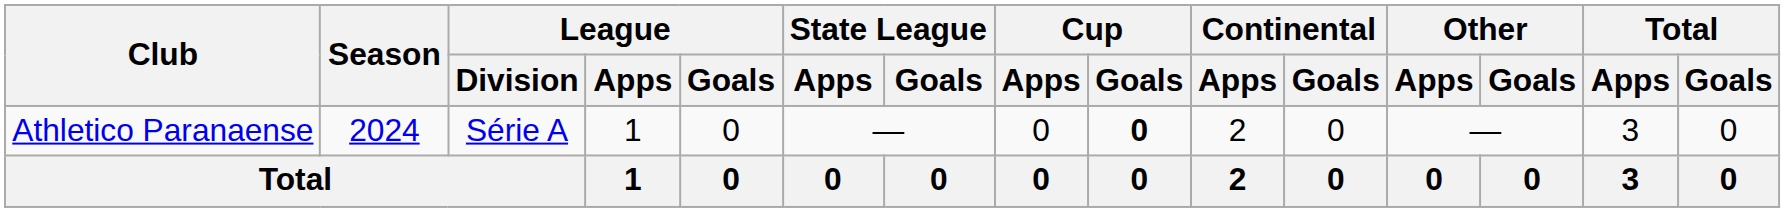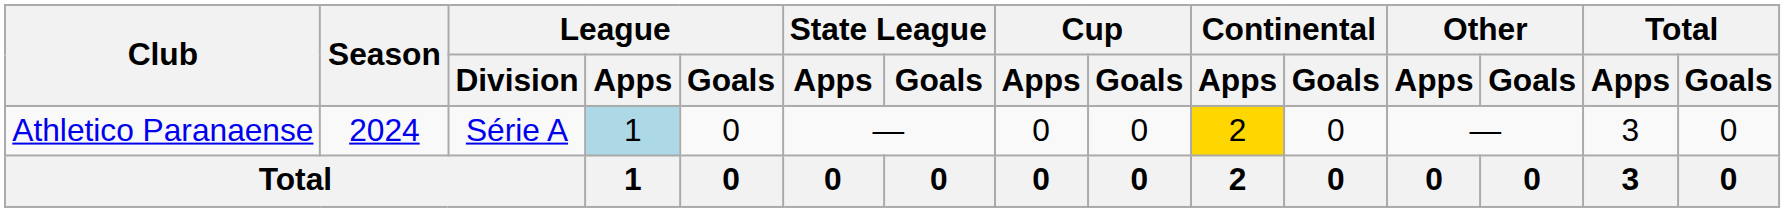 <table class="wikitable" style="text-align: center;">
 <tr>
 <th rowspan="2">Club</th>
 <th rowspan="2">Season</th>
 <th colspan="3">League</th>
 <th colspan="2">State League</th>
 <th colspan="2">Cup</th>
 <th colspan="2">Continental</th>
 <th colspan="2">Other</th>
 <th colspan="2">Total</th>
 </tr>
 <tr>
 <th>Division</th>
 <th>Apps</th>
 <th>Goals</th>
 <th>Apps</th>
 <th>Goals</th>
 <th>Apps</th>
 <th>Goals</th>
 <th>Apps</th>
 <th>Goals</th>
 <th>Apps</th>
 <th>Goals</th>
 <th>Apps</th>
 <th>Goals</th>
 </tr>
 <tr>
 <td valign="center"><a href='#'>Athletico Paranaense</a></td>
 <td><a href='#'>2024</a></td>
 <td><a href='#'>Série A</a></td>
-<td>1</td>
+<td style="background: lightblue;">1</td>
 <td>0</td>
 <td colspan="2">—</td>
 <td>0</td>
-<td><strong>0</strong></td>
-<td>2</td>
+<td>0</td>
+<td style="background: gold;">2</td>
 <td>0</td>
 <td colspan="2">—</td>
 <td>3</td>
 <td>0</td>
 </tr>
 <tr>
 <th colspan="3"><strong>Total</strong></th>
 <th>1</th>
 <th>0</th>
 <th>0</th>
 <th>0</th>
 <th>0</th>
 <th>0</th>
 <th>2</th>
 <th>0</th>
 <th>0</th>
 <th>0</th>
 <th>3</th>
 <th>0</th>
 </tr>
 </table>
